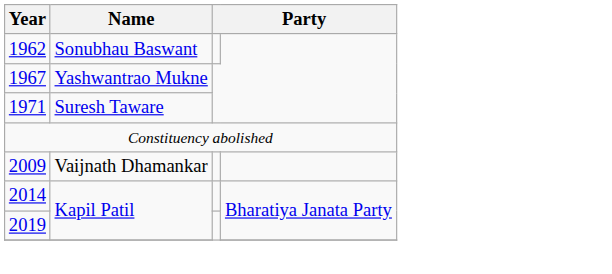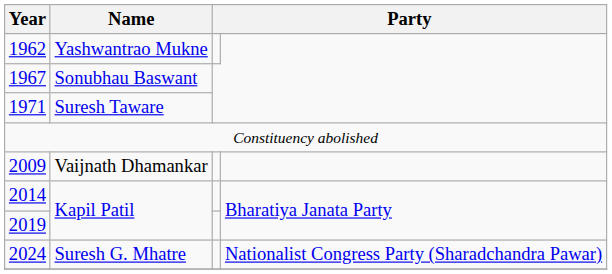 <table class="wikitable ">
 <tr>
 <th>Year</th>
 <th>Name</th>
 <th colspan="2">Party</th>
 </tr>
 <tr>
 <td><a href='#'>1962</a></td>
-<td><a href='#'>Sonubhau Baswant</a></td>
+<td><a href='#'>Yashwantrao Mukne</a></td>
 <td></td>
 </tr>
 <tr>
 <td><a href='#'>1967</a></td>
-<td><a href='#'>Yashwantrao Mukne</a></td>
+<td><a href='#'>Sonubhau Baswant</a></td>
 </tr>
 <tr>
 <td><a href='#'>1971</a></td>
 <td><a href='#'>Suresh Taware</a></td>
 </tr>
 <tr>
 <td colspan=4 align=center><small><em>Constituency abolished</em></small></td>
 </tr>
 <tr>
 <td><a href='#'>2009</a></td>
 <td>Vaijnath Dhamankar</td>
 <td></td>
 </tr>
 <tr>
 <td><a href='#'>2014</a></td>
 <td rowspan="2"><a href='#'>Kapil Patil</a></td>
 <td style="background-color: "></td>
 <td rowspan="2"><a href='#'>Bharatiya Janata Party</a></td>
 </tr>
 <tr>
 <td><a href='#'>2019</a></td>
 </tr>
 <tr>
+<td><a href='#'>2024</a></td>
+<td><a href='#'>Suresh G. Mhatre</a></td>
+<td style="background-color: "></td>
+<td><a href='#'>Nationalist Congress Party (Sharadchandra Pawar)</a></td>
+</tr>
+<tr>
 </tr>
 </table>
